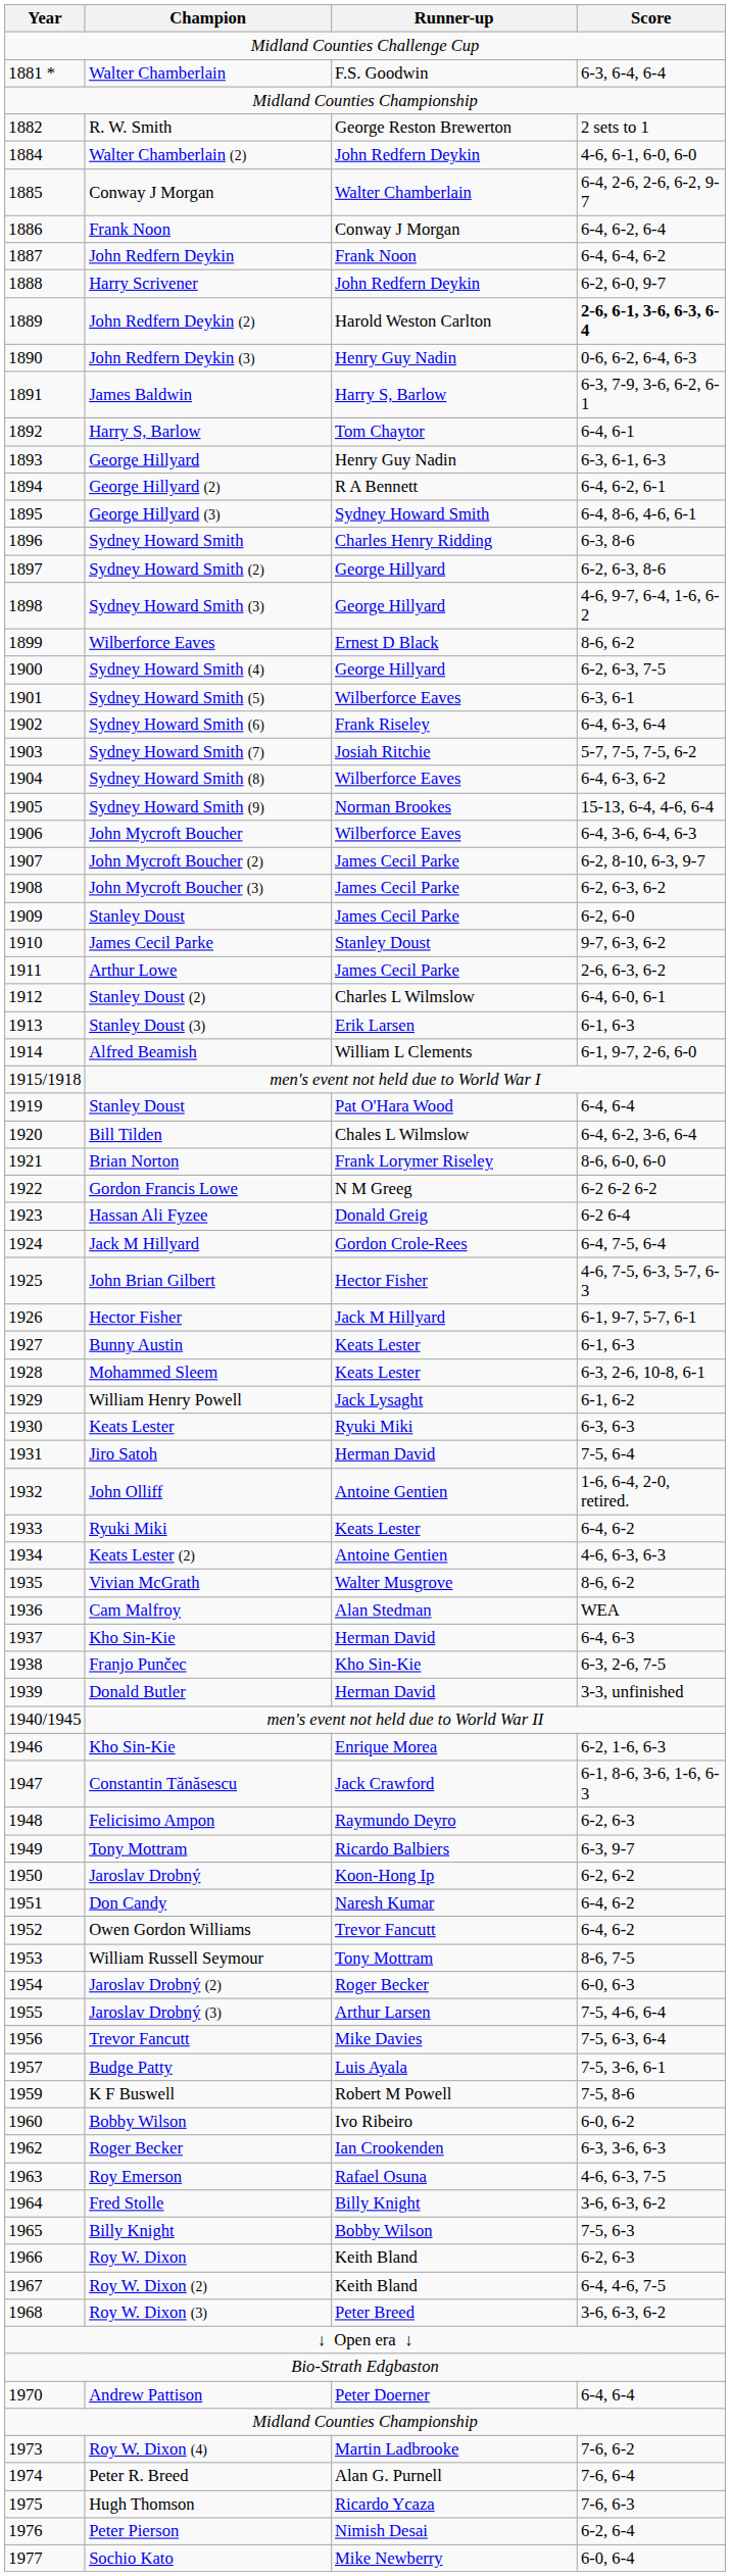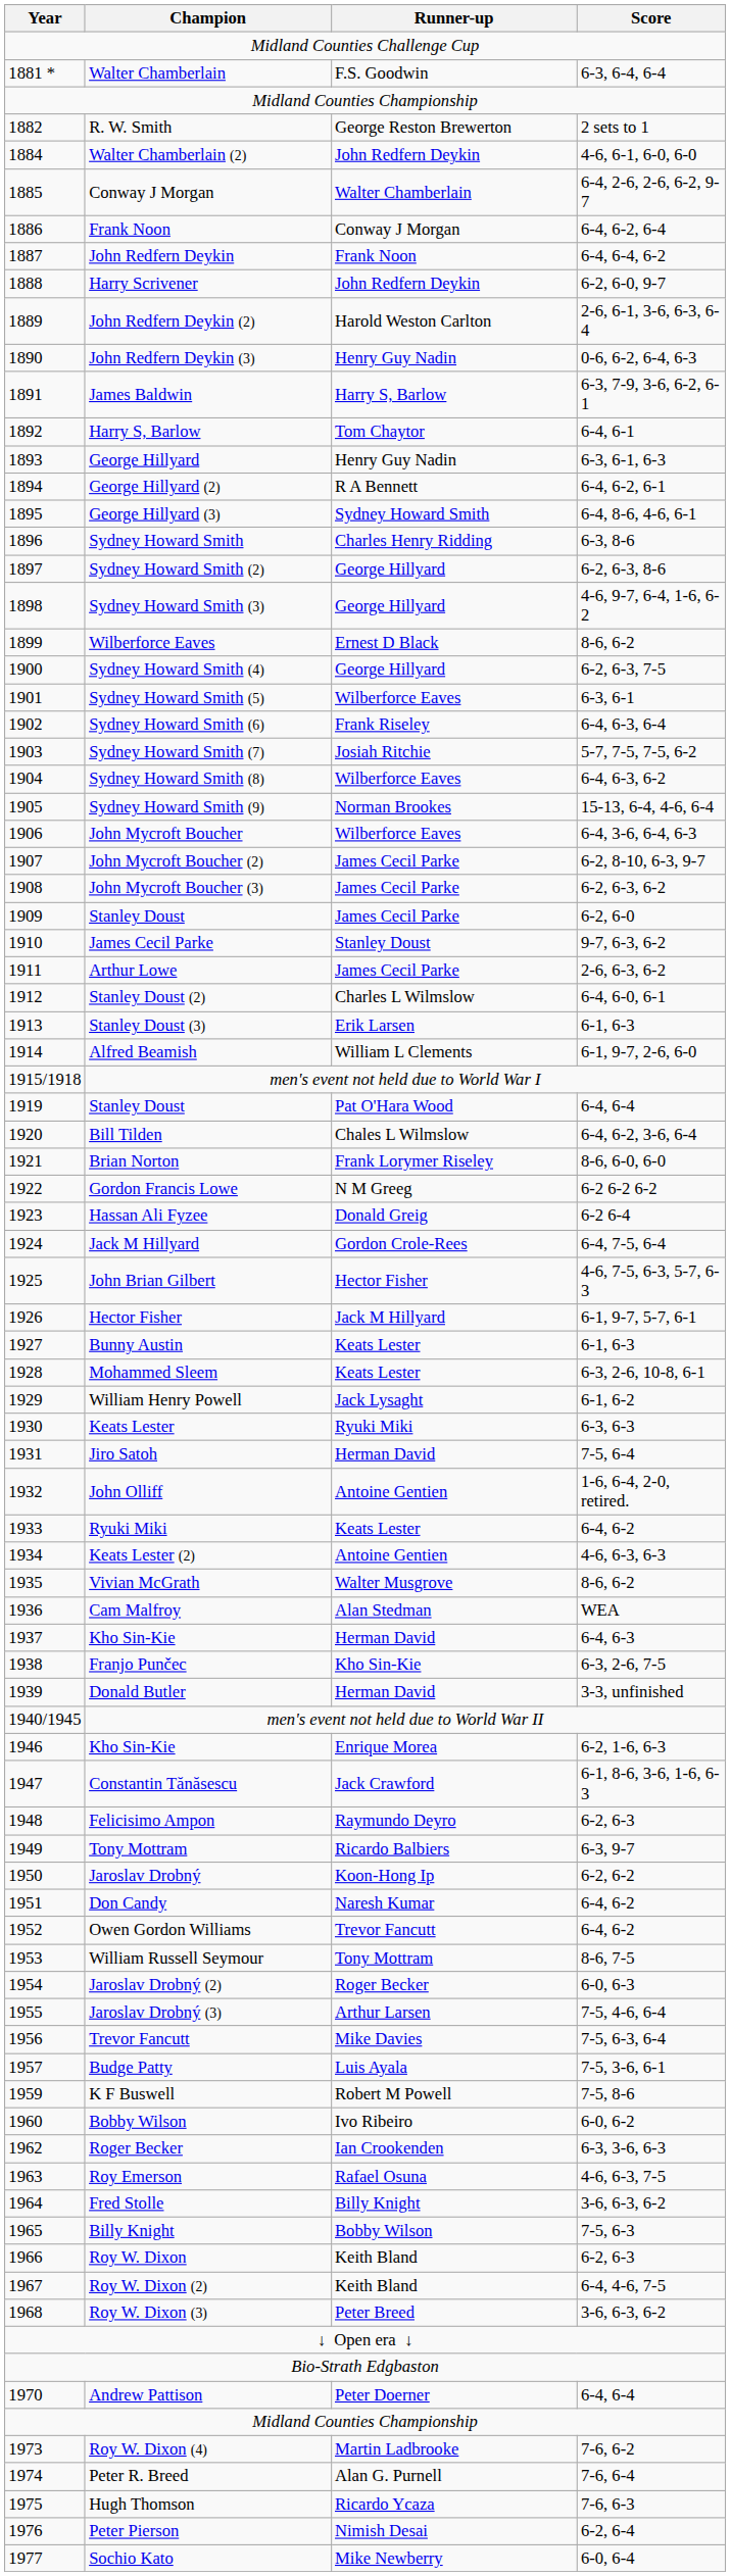 <table class=wikitable style=font-size:98%>
 <tr>
 <th width="60">Year</th>
 <th width="220">Champion</th>
 <th width="220">Runner-up</th>
 <th width="130">Score</th>
 </tr>
 <tr>
 <td colspan=4 align=center><em>Midland Counties Challenge Cup</em></td>
 </tr>
 <tr>
 <td>1881 *</td>
 <td> <a href='#'>Walter Chamberlain</a></td>
 <td> F.S. Goodwin</td>
 <td>6-3, 6-4, 6-4</td>
 </tr>
 <tr>
 <td colspan=4 align=center><em>Midland Counties Championship</em></td>
 </tr>
 <tr>
 <td>1882</td>
 <td> R. W. Smith</td>
 <td> George Reston Brewerton</td>
 <td>2 sets to 1</td>
 </tr>
 <tr>
 <td>1884</td>
 <td> <a href='#'>Walter Chamberlain</a> <small>(2)</small></td>
 <td> <a href='#'>John Redfern Deykin</a></td>
 <td>4-6, 6-1, 6-0, 6-0</td>
 </tr>
 <tr>
 <td>1885</td>
 <td> Conway J Morgan</td>
 <td> <a href='#'>Walter Chamberlain</a></td>
 <td>6-4, 2-6, 2-6, 6-2, 9-7</td>
 </tr>
 <tr>
 <td>1886</td>
 <td> <a href='#'>Frank Noon</a></td>
 <td> Conway J Morgan</td>
 <td>6-4, 6-2, 6-4</td>
 </tr>
 <tr>
 <td>1887</td>
 <td> <a href='#'>John Redfern Deykin</a></td>
 <td> <a href='#'>Frank Noon</a></td>
 <td>6-4, 6-4, 6-2</td>
 </tr>
 <tr>
 <td>1888</td>
 <td> <a href='#'>Harry Scrivener</a></td>
 <td> <a href='#'>John Redfern Deykin</a></td>
 <td>6-2, 6-0, 9-7</td>
 </tr>
 <tr>
 <td>1889</td>
 <td> <a href='#'>John Redfern Deykin</a> <small>(2)</small></td>
 <td> Harold Weston Carlton</td>
-<td><strong>2-6, 6-1, 3-6, 6-3, 6-4</strong></td>
+<td>2-6, 6-1, 3-6, 6-3, 6-4</td>
 </tr>
 <tr>
 <td>1890</td>
 <td> <a href='#'>John Redfern Deykin</a> <small>(3)</small></td>
 <td> <a href='#'>Henry Guy Nadin</a></td>
 <td>0-6, 6-2, 6-4, 6-3</td>
 </tr>
 <tr>
 <td>1891</td>
 <td> <a href='#'>James Baldwin</a></td>
 <td> <a href='#'>Harry S, Barlow</a></td>
 <td>6-3, 7-9, 3-6, 6-2, 6-1</td>
 </tr>
 <tr>
 <td>1892</td>
 <td> <a href='#'>Harry S, Barlow</a></td>
 <td> <a href='#'>Tom Chaytor</a></td>
 <td>6-4, 6-1</td>
 </tr>
 <tr>
 <td>1893</td>
 <td> <a href='#'>George Hillyard</a></td>
 <td> Henry Guy Nadin</td>
 <td>6-3, 6-1, 6-3</td>
 </tr>
 <tr>
 <td>1894</td>
 <td> <a href='#'>George Hillyard</a> <small>(2)</small></td>
 <td> R A Bennett</td>
 <td>6-4, 6-2, 6-1</td>
 </tr>
 <tr>
 <td>1895</td>
 <td> <a href='#'>George Hillyard</a> <small>(3)</small></td>
 <td> <a href='#'>Sydney Howard Smith</a></td>
 <td>6-4, 8-6, 4-6, 6-1</td>
 </tr>
 <tr>
 <td>1896</td>
 <td> <a href='#'>Sydney Howard Smith</a></td>
 <td> <a href='#'>Charles Henry Ridding</a></td>
 <td>6-3, 8-6</td>
 </tr>
 <tr>
 <td>1897</td>
 <td> <a href='#'>Sydney Howard Smith</a> <small>(2)</small></td>
 <td> <a href='#'>George Hillyard</a></td>
 <td>6-2, 6-3, 8-6</td>
 </tr>
 <tr>
 <td>1898</td>
 <td> <a href='#'>Sydney Howard Smith</a> <small>(3)</small></td>
 <td> <a href='#'>George Hillyard</a></td>
 <td>4-6, 9-7, 6-4, 1-6, 6-2</td>
 </tr>
 <tr>
 <td>1899</td>
 <td> <a href='#'>Wilberforce Eaves</a></td>
 <td> <a href='#'>Ernest D Black</a></td>
 <td>8-6, 6-2</td>
 </tr>
 <tr>
 <td>1900</td>
 <td> <a href='#'>Sydney Howard Smith</a> <small>(4)</small></td>
 <td> <a href='#'>George Hillyard</a></td>
 <td>6-2, 6-3, 7-5</td>
 </tr>
 <tr>
 <td>1901</td>
 <td> <a href='#'>Sydney Howard Smith</a> <small>(5)</small></td>
 <td> <a href='#'>Wilberforce Eaves</a></td>
 <td>6-3, 6-1</td>
 </tr>
 <tr>
 <td>1902</td>
 <td> <a href='#'>Sydney Howard Smith</a> <small>(6)</small></td>
 <td> <a href='#'>Frank Riseley</a></td>
 <td>6-4, 6-3, 6-4</td>
 </tr>
 <tr>
 <td>1903</td>
 <td> <a href='#'>Sydney Howard Smith</a> <small>(7)</small></td>
 <td> <a href='#'>Josiah Ritchie</a></td>
 <td>5-7, 7-5, 7-5, 6-2</td>
 </tr>
 <tr>
 <td>1904</td>
 <td> <a href='#'>Sydney Howard Smith</a> <small>(8)</small></td>
 <td> <a href='#'>Wilberforce Eaves</a></td>
 <td>6-4, 6-3, 6-2</td>
 </tr>
 <tr>
 <td>1905</td>
 <td> <a href='#'>Sydney Howard Smith</a> <small>(9)</small></td>
 <td> <a href='#'>Norman Brookes</a></td>
 <td>15-13, 6-4, 4-6, 6-4</td>
 </tr>
 <tr>
 <td>1906</td>
 <td> <a href='#'>John Mycroft Boucher</a></td>
 <td> <a href='#'>Wilberforce Eaves</a></td>
 <td>6-4, 3-6, 6-4, 6-3</td>
 </tr>
 <tr>
 <td>1907</td>
 <td> <a href='#'>John Mycroft Boucher</a> <small>(2)</small></td>
 <td> <a href='#'>James Cecil Parke</a></td>
 <td>6-2, 8-10, 6-3, 9-7</td>
 </tr>
 <tr>
 <td>1908</td>
 <td> <a href='#'>John Mycroft Boucher</a> <small>(3)</small></td>
 <td> <a href='#'>James Cecil Parke</a></td>
 <td>6-2, 6-3, 6-2</td>
 </tr>
 <tr>
 <td>1909</td>
 <td> <a href='#'>Stanley Doust</a></td>
 <td> <a href='#'>James Cecil Parke</a></td>
 <td>6-2, 6-0</td>
 </tr>
 <tr>
 <td>1910</td>
 <td> <a href='#'>James Cecil Parke</a></td>
 <td> <a href='#'>Stanley Doust</a></td>
 <td>9-7, 6-3, 6-2</td>
 </tr>
 <tr>
 <td>1911</td>
 <td> <a href='#'>Arthur Lowe</a></td>
 <td> <a href='#'>James Cecil Parke</a></td>
 <td>2-6, 6-3, 6-2 </td>
 </tr>
 <tr>
 <td>1912</td>
 <td> <a href='#'>Stanley Doust</a> <small>(2)</small></td>
 <td> Charles L Wilmslow</td>
 <td>6-4, 6-0, 6-1</td>
 </tr>
 <tr>
 <td>1913</td>
 <td> <a href='#'>Stanley Doust</a> <small>(3)</small></td>
 <td> <a href='#'>Erik Larsen</a></td>
 <td>6-1, 6-3</td>
 </tr>
 <tr>
 <td>1914</td>
 <td> <a href='#'>Alfred Beamish</a></td>
 <td> William L Clements</td>
 <td>6-1, 9-7, 2-6, 6-0</td>
 </tr>
 <tr>
 <td>1915/1918</td>
 <td colspan=3 align=center><em>men's event not held due to World War I</em></td>
 </tr>
 <tr>
 <td>1919</td>
 <td> <a href='#'>Stanley Doust</a></td>
 <td> <a href='#'>Pat O'Hara Wood</a></td>
 <td>6-4, 6-4</td>
 </tr>
 <tr>
 <td>1920</td>
 <td> <a href='#'>Bill Tilden</a></td>
 <td> Chales L Wilmslow</td>
 <td>6-4, 6-2, 3-6, 6-4</td>
 </tr>
 <tr>
 <td>1921</td>
 <td> <a href='#'>Brian Norton</a></td>
 <td> <a href='#'>Frank Lorymer Riseley</a></td>
 <td>8-6, 6-0, 6-0</td>
 </tr>
 <tr>
 <td>1922</td>
 <td> <a href='#'>Gordon Francis Lowe</a></td>
 <td> N M Greeg</td>
 <td>6-2 6-2 6-2</td>
 </tr>
 <tr>
 <td>1923</td>
 <td> <a href='#'>Hassan Ali Fyzee</a></td>
 <td> <a href='#'>Donald Greig</a></td>
 <td>6-2 6-4</td>
 </tr>
 <tr>
 <td>1924</td>
 <td> <a href='#'>Jack M Hillyard</a></td>
 <td> <a href='#'>Gordon Crole-Rees</a></td>
 <td>6-4, 7-5, 6-4</td>
 </tr>
 <tr>
 <td>1925</td>
 <td> <a href='#'>John Brian Gilbert</a></td>
 <td> <a href='#'>Hector Fisher</a></td>
 <td>4-6, 7-5, 6-3, 5-7, 6-3</td>
 </tr>
 <tr>
 <td>1926</td>
 <td> <a href='#'>Hector Fisher</a></td>
 <td> <a href='#'>Jack M Hillyard</a></td>
 <td>6-1, 9-7, 5-7, 6-1</td>
 </tr>
 <tr>
 <td>1927</td>
 <td> <a href='#'>Bunny Austin</a></td>
 <td> <a href='#'>Keats Lester</a></td>
 <td>6-1, 6-3</td>
 </tr>
 <tr>
 <td>1928</td>
 <td> <a href='#'>Mohammed Sleem</a></td>
 <td> <a href='#'>Keats Lester</a></td>
 <td>6-3, 2-6, 10-8, 6-1</td>
 </tr>
 <tr>
 <td>1929</td>
 <td>  William Henry Powell</td>
 <td> <a href='#'>Jack Lysaght</a></td>
 <td>6-1, 6-2</td>
 </tr>
 <tr>
 <td>1930</td>
 <td> <a href='#'>Keats Lester</a></td>
 <td> <a href='#'>Ryuki Miki</a></td>
 <td>6-3, 6-3</td>
 </tr>
 <tr>
 <td>1931</td>
 <td> <a href='#'>Jiro Satoh</a></td>
 <td> <a href='#'>Herman David</a></td>
 <td>7-5, 6-4</td>
 </tr>
 <tr>
 <td>1932</td>
 <td> <a href='#'>John Olliff</a></td>
 <td> <a href='#'>Antoine Gentien</a></td>
 <td>1-6, 6-4, 2-0, retired.</td>
 </tr>
 <tr>
 <td>1933</td>
 <td> <a href='#'>Ryuki Miki</a></td>
 <td> <a href='#'>Keats Lester</a></td>
 <td>6-4, 6-2</td>
 </tr>
 <tr>
 <td>1934</td>
 <td> <a href='#'>Keats Lester</a> <small>(2)</small></td>
 <td> <a href='#'>Antoine Gentien</a></td>
 <td>4-6, 6-3, 6-3</td>
 </tr>
 <tr>
 <td>1935</td>
 <td> <a href='#'>Vivian McGrath</a></td>
 <td> <a href='#'>Walter Musgrove</a></td>
 <td>8-6, 6-2</td>
 </tr>
 <tr>
 <td>1936</td>
 <td> <a href='#'>Cam Malfroy</a></td>
 <td> <a href='#'>Alan Stedman</a></td>
 <td>WEA</td>
 </tr>
 <tr>
 <td>1937</td>
 <td> <a href='#'>Kho Sin-Kie</a></td>
 <td> <a href='#'>Herman David</a></td>
 <td>6-4, 6-3</td>
 </tr>
 <tr>
 <td>1938</td>
 <td> <a href='#'>Franjo Punčec</a></td>
 <td> <a href='#'>Kho Sin-Kie</a></td>
 <td>6-3, 2-6, 7-5</td>
 </tr>
 <tr>
 <td>1939</td>
 <td> <a href='#'>Donald Butler</a></td>
 <td> <a href='#'>Herman David</a></td>
 <td>3-3, unfinished</td>
 </tr>
 <tr>
 <td>1940/1945</td>
 <td colspan=3 align=center><em>men's event not held due to World War II</em></td>
 </tr>
 <tr>
 <td>1946</td>
 <td> <a href='#'>Kho Sin-Kie</a></td>
 <td> <a href='#'>Enrique Morea</a></td>
 <td>6-2, 1-6, 6-3</td>
 </tr>
 <tr>
 <td>1947</td>
 <td> <a href='#'>Constantin Tănăsescu</a></td>
 <td> <a href='#'>Jack Crawford</a></td>
 <td>6-1, 8-6, 3-6, 1-6, 6-3</td>
 </tr>
 <tr>
 <td>1948</td>
 <td> <a href='#'>Felicisimo Ampon</a></td>
 <td> <a href='#'>Raymundo Deyro</a></td>
 <td>6-2, 6-3</td>
 </tr>
 <tr>
 <td>1949</td>
 <td> <a href='#'>Tony Mottram</a></td>
 <td> <a href='#'>Ricardo Balbiers</a></td>
 <td>6-3, 9-7</td>
 </tr>
 <tr>
 <td>1950</td>
 <td> <a href='#'>Jaroslav Drobný</a></td>
 <td>  <a href='#'>Koon-Hong Ip</a></td>
 <td>6-2, 6-2</td>
 </tr>
 <tr>
 <td>1951</td>
 <td> <a href='#'>Don Candy</a></td>
 <td> <a href='#'>Naresh Kumar</a></td>
 <td>6-4, 6-2</td>
 </tr>
 <tr>
 <td>1952</td>
 <td>  Owen Gordon Williams</td>
 <td> <a href='#'>Trevor Fancutt</a></td>
 <td>6-4, 6-2</td>
 </tr>
 <tr>
 <td>1953</td>
 <td> William Russell Seymour</td>
 <td> <a href='#'>Tony Mottram</a></td>
 <td>8-6, 7-5</td>
 </tr>
 <tr>
 <td>1954</td>
 <td> <a href='#'>Jaroslav Drobný</a> <small>(2)</small></td>
 <td> <a href='#'>Roger Becker</a></td>
 <td>6-0, 6-3</td>
 </tr>
 <tr>
 <td>1955</td>
 <td> <a href='#'>Jaroslav Drobný</a> <small>(3)</small></td>
 <td> <a href='#'>Arthur Larsen</a></td>
 <td>7-5, 4-6, 6-4</td>
 </tr>
 <tr>
 <td>1956</td>
 <td> <a href='#'>Trevor Fancutt</a></td>
 <td> <a href='#'>Mike Davies</a></td>
 <td>7-5, 6-3, 6-4</td>
 </tr>
 <tr>
 <td>1957</td>
 <td> <a href='#'>Budge Patty</a></td>
 <td> <a href='#'>Luis Ayala</a></td>
 <td>7-5, 3-6, 6-1</td>
 </tr>
 <tr>
 <td>1959</td>
 <td> K F Buswell</td>
 <td> Robert M Powell</td>
 <td>7-5, 8-6</td>
 </tr>
 <tr>
 <td>1960</td>
 <td> <a href='#'>Bobby Wilson</a></td>
 <td> Ivo Ribeiro</td>
 <td>6-0, 6-2</td>
 </tr>
 <tr>
 <td>1962</td>
 <td> <a href='#'>Roger Becker</a></td>
 <td> <a href='#'>Ian Crookenden</a></td>
 <td>6-3, 3-6, 6-3</td>
 </tr>
 <tr>
 <td>1963</td>
 <td> <a href='#'>Roy Emerson</a></td>
 <td> <a href='#'>Rafael Osuna</a></td>
 <td>4-6, 6-3, 7-5</td>
 </tr>
 <tr>
 <td>1964</td>
 <td> <a href='#'>Fred Stolle</a></td>
 <td> <a href='#'>Billy Knight</a></td>
 <td>3-6, 6-3, 6-2</td>
 </tr>
 <tr>
 <td>1965</td>
 <td> <a href='#'>Billy Knight</a></td>
 <td> <a href='#'>Bobby Wilson</a></td>
 <td>7-5, 6-3</td>
 </tr>
 <tr>
 <td>1966</td>
 <td> <a href='#'>Roy W. Dixon</a></td>
 <td> Keith Bland</td>
 <td>6-2, 6-3</td>
 </tr>
 <tr>
 <td>1967</td>
 <td> <a href='#'>Roy W. Dixon</a> <small>(2)</small></td>
 <td> Keith Bland</td>
 <td>6-4, 4-6, 7-5</td>
 </tr>
 <tr>
 <td>1968</td>
 <td> <a href='#'>Roy W. Dixon</a> <small>(3)</small></td>
 <td> <a href='#'>Peter Breed</a></td>
 <td>3-6, 6-3, 6-2</td>
 </tr>
 <tr>
 <td colspan="4" align="center">↓  Open era  ↓</td>
 </tr>
 <tr>
 <td colspan=4 align=center><em>Bio-Strath Edgbaston</em></td>
 </tr>
 <tr>
 <td>1970 </td>
 <td> <a href='#'>Andrew Pattison</a></td>
 <td> <a href='#'>Peter Doerner</a></td>
 <td>6-4, 6-4</td>
 </tr>
 <tr>
 <td colspan=4 align=center><em>Midland Counties Championship</em></td>
 </tr>
 <tr>
 <td>1973</td>
 <td>  <a href='#'>Roy W. Dixon</a> <small>(4)</small></td>
 <td> <a href='#'>Martin Ladbrooke</a></td>
 <td>7-6, 6-2</td>
 </tr>
 <tr>
 <td>1974</td>
 <td>  Peter R. Breed</td>
 <td> Alan G. Purnell</td>
 <td>7-6, 6-4</td>
 </tr>
 <tr>
 <td>1975</td>
 <td>  Hugh Thomson</td>
 <td> <a href='#'>Ricardo Ycaza</a></td>
 <td>7-6, 6-3</td>
 </tr>
 <tr>
 <td>1976</td>
 <td>  <a href='#'>Peter Pierson</a></td>
 <td> <a href='#'>Nimish Desai</a></td>
 <td>6-2, 6-4</td>
 </tr>
 <tr>
 <td>1977</td>
 <td>  <a href='#'>Sochio Kato</a></td>
 <td> <a href='#'>Mike Newberry</a></td>
 <td>6-0, 6-4</td>
 </tr>
 <tr>
 </tr>
 </table>
